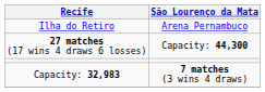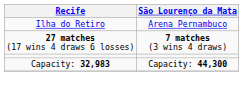 <table class="wikitable" style="text-align:center">
 <tr>
 <th><a href='#'>Recife</a></th>
 <th><a href='#'>São Lourenço da Mata</a></th>
 </tr>
 <tr>
 <td><a href='#'>Ilha do Retiro</a></td>
 <td><a href='#'>Arena Pernambuco</a></td>
 </tr>
 <tr>
 <td><strong>27 matches</strong><br>(17 wins 4 draws 6 losses)</td>
-<td>Capacity: <strong>44,300</strong></td>
+<td><strong>7 matches</strong><br>(3 wins 4 draws)</td>
 </tr>
 <tr>
 <td></td>
 <td></td>
 </tr>
 <tr>
 <td>Capacity: <strong>32,983</strong></td>
-<td><strong>7 matches</strong><br>(3 wins 4 draws)</td>
+<td>Capacity: <strong>44,300</strong></td>
 </tr>
 <tr>
 </tr>
 </table>
